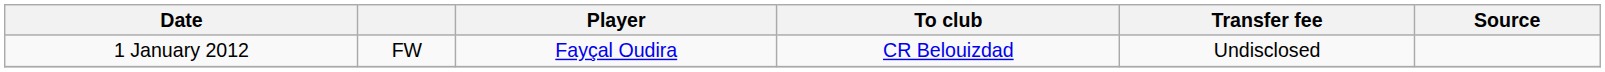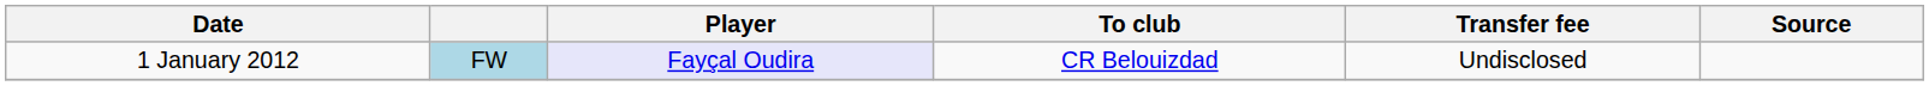 <table class="wikitable sortable" style="width:70%; text-align:center; font-size:85%; text-align:centre;">
 <tr>
 <th>Date</th>
 <th></th>
 <th>Player</th>
 <th>To club</th>
 <th>Transfer fee</th>
 <th>Source</th>
 </tr>
 <tr>
 <td>1 January 2012</td>
-<td>FW</td>
-<td> <a href='#'>Fayçal Oudira</a></td>
+<td style="background: lightblue;">FW</td>
+<td style="background: lavender;"> <a href='#'>Fayçal Oudira</a></td>
 <td><a href='#'>CR Belouizdad</a></td>
 <td>Undisclosed</td>
 <td></td>
 </tr>
 <tr>
 </tr>
 </table>
